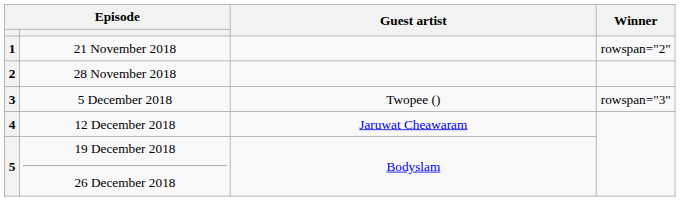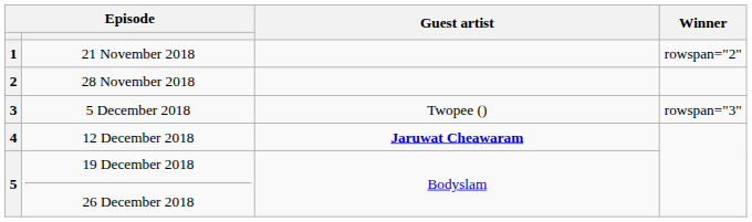 <table class="wikitable plainrowheaders mw-collapsible" style="text-align:center; line-height:23px; width:64%;">
 <tr>
 <th colspan="2" width="24%">Episode</th>
 <th rowspan="2" width="40%">Guest artist</th>
 <th rowspan="2" width="1%">Winner</th>
 </tr>
 <tr>
 <th width="01%"></th>
 <th></th>
 </tr>
 <tr>
 <th>1</th>
 <td>21 November 2018</td>
 <td></td>
 <td>rowspan="2" </td>
 </tr>
 <tr>
 <th>2</th>
 <td>28 November 2018</td>
 <td><em></em></td>
 </tr>
 <tr>
 <th>3</th>
 <td>5 December 2018</td>
 <td>Twopee ()</td>
 <td>rowspan="3" </td>
 </tr>
 <tr>
 <th>4</th>
 <td>12 December 2018</td>
-<td><a href='#'>Jaruwat Cheawaram</a></td>
+<td><strong><a href='#'>Jaruwat Cheawaram</a></strong></td>
 </tr>
 <tr>
 <th>5</th>
 <td>19 December 2018<hr>26 December 2018</td>
 <td><a href='#'>Bodyslam</a></td>
 </tr>
 </table>
